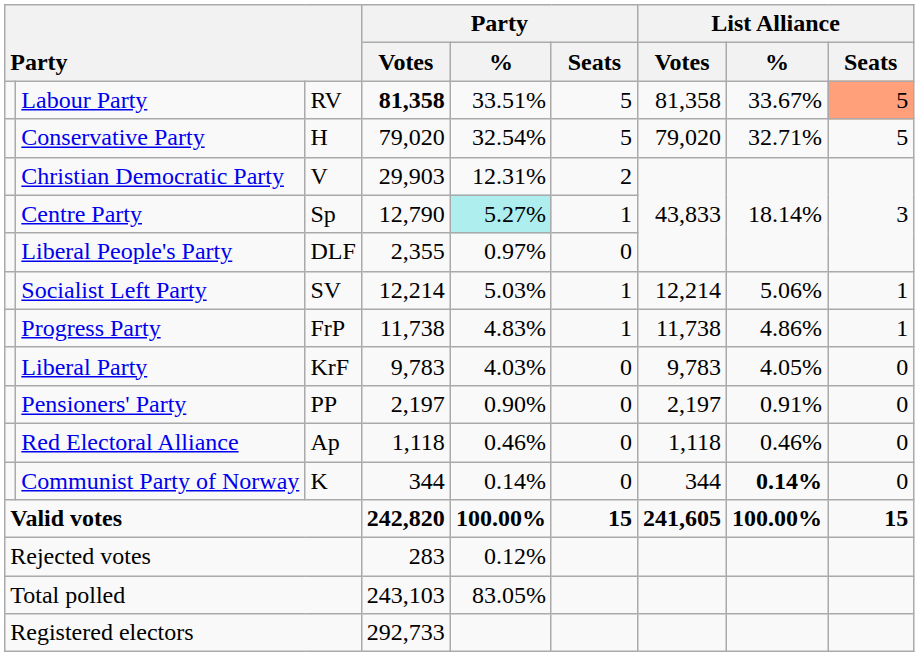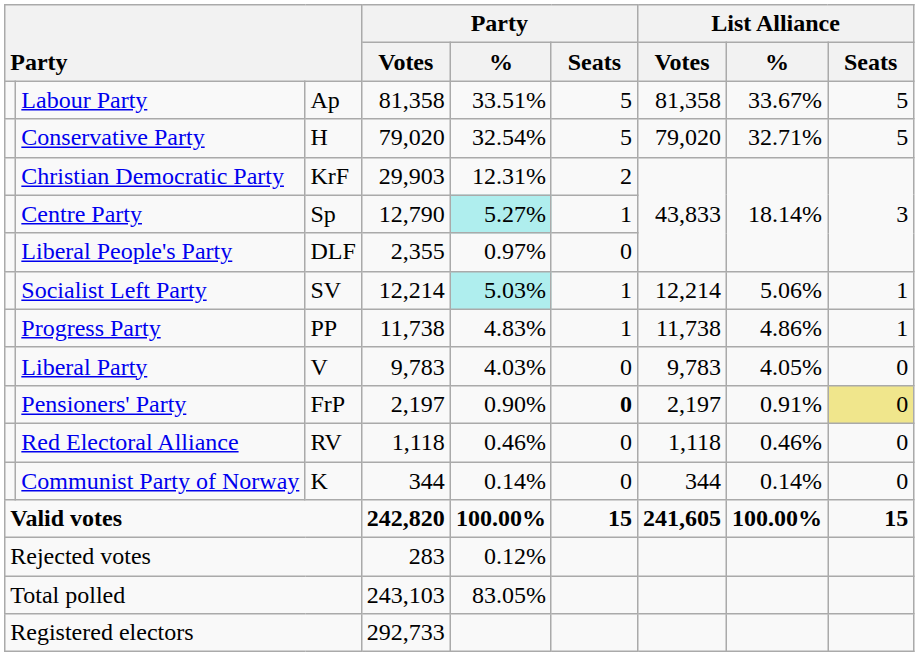 <table class="wikitable" border="1" style="text-align:right;">
 <tr>
 <th style="text-align:left;" valign=bottom rowspan=2 colspan=3>Party</th>
 <th colspan=3>Party</th>
 <th colspan=3>List Alliance</th>
 </tr>
 <tr>
 <th align=center valign=bottom width="50">Votes</th>
 <th align=center valign=bottom width="50">%</th>
 <th align=center valign=bottom width="50">Seats</th>
 <th align=center valign=bottom width="50">Votes</th>
 <th align=center valign=bottom width="50">%</th>
 <th align=center valign=bottom width="50">Seats</th>
 </tr>
 <tr>
 <td style="color:inherit;background:"></td>
 <td align=left><a href='#'>Labour Party</a></td>
-<td align=left>RV</td>
-<td><strong>81,358</strong></td>
+<td align=left>Ap</td>
+<td>81,358</td>
 <td>33.51%</td>
 <td>5</td>
 <td>81,358</td>
 <td>33.67%</td>
-<td style="background: lightsalmon;">5</td>
+<td>5</td>
 </tr>
 <tr>
 <td style="color:inherit;background:"></td>
 <td align=left><a href='#'>Conservative Party</a></td>
 <td align=left>H</td>
 <td>79,020</td>
 <td>32.54%</td>
 <td>5</td>
 <td>79,020</td>
 <td>32.71%</td>
 <td>5</td>
 </tr>
 <tr>
 <td style="color:inherit;background:"></td>
 <td align=left><a href='#'>Christian Democratic Party</a></td>
-<td align=left>V</td>
+<td align=left>KrF</td>
 <td>29,903</td>
 <td>12.31%</td>
 <td>2</td>
 <td rowspan=3>43,833</td>
 <td rowspan=3>18.14%</td>
 <td rowspan=3>3</td>
 </tr>
 <tr>
 <td style="color:inherit;background:"></td>
 <td align=left><a href='#'>Centre Party</a></td>
 <td align=left>Sp</td>
 <td>12,790</td>
 <td style="background: paleturquoise;">5.27%</td>
 <td>1</td>
 </tr>
 <tr>
 <td style="color:inherit;background:"></td>
 <td align=left><a href='#'>Liberal People's Party</a></td>
 <td align=left>DLF</td>
 <td>2,355</td>
 <td>0.97%</td>
 <td>0</td>
 </tr>
 <tr>
 <td style="color:inherit;background:"></td>
 <td align=left><a href='#'>Socialist Left Party</a></td>
 <td align=left>SV</td>
 <td>12,214</td>
-<td>5.03%</td>
+<td style="background: paleturquoise;">5.03%</td>
 <td>1</td>
 <td>12,214</td>
 <td>5.06%</td>
 <td>1</td>
 </tr>
 <tr>
 <td style="color:inherit;background:"></td>
 <td align=left><a href='#'>Progress Party</a></td>
-<td align=left>FrP</td>
+<td align=left>PP</td>
 <td>11,738</td>
 <td>4.83%</td>
 <td>1</td>
 <td>11,738</td>
 <td>4.86%</td>
 <td>1</td>
 </tr>
 <tr>
 <td style="color:inherit;background:"></td>
 <td align=left><a href='#'>Liberal Party</a></td>
-<td align=left>KrF</td>
+<td align=left>V</td>
 <td>9,783</td>
 <td>4.03%</td>
 <td>0</td>
 <td>9,783</td>
 <td>4.05%</td>
 <td>0</td>
 </tr>
 <tr>
 <td style="color:inherit;background:"></td>
 <td align=left><a href='#'>Pensioners' Party</a></td>
-<td align=left>PP</td>
+<td align=left>FrP</td>
 <td>2,197</td>
 <td>0.90%</td>
-<td>0</td>
+<td><strong>0</strong></td>
 <td>2,197</td>
 <td>0.91%</td>
-<td>0</td>
+<td style="background: khaki;">0</td>
 </tr>
 <tr>
 <td style="color:inherit;background:"></td>
 <td align=left><a href='#'>Red Electoral Alliance</a></td>
-<td align=left>Ap</td>
+<td align=left>RV</td>
 <td>1,118</td>
 <td>0.46%</td>
 <td>0</td>
 <td>1,118</td>
 <td>0.46%</td>
 <td>0</td>
 </tr>
 <tr>
 <td style="color:inherit;background:"></td>
 <td align=left><a href='#'>Communist Party of Norway</a></td>
 <td align=left>K</td>
 <td>344</td>
 <td>0.14%</td>
 <td>0</td>
 <td>344</td>
-<td><strong>0.14%</strong></td>
+<td>0.14%</td>
 <td>0</td>
 </tr>
 <tr style="font-weight:bold">
 <td align=left colspan=3>Valid votes</td>
 <td>242,820</td>
 <td>100.00%</td>
 <td>15</td>
 <td>241,605</td>
 <td>100.00%</td>
 <td>15</td>
 </tr>
 <tr>
 <td align=left colspan=3>Rejected votes</td>
 <td>283</td>
 <td>0.12%</td>
 <td></td>
 <td></td>
 <td></td>
 <td></td>
 </tr>
 <tr>
 <td align=left colspan=3>Total polled</td>
 <td>243,103</td>
 <td>83.05%</td>
 <td></td>
 <td></td>
 <td></td>
 <td></td>
 </tr>
 <tr>
 <td align=left colspan=3>Registered electors</td>
 <td>292,733</td>
 <td></td>
 <td></td>
 <td></td>
 <td></td>
 </tr>
 </table>
